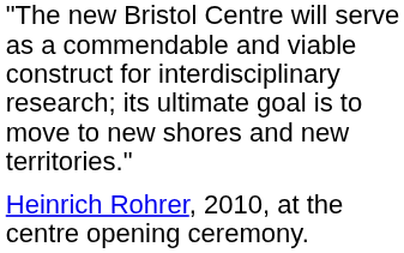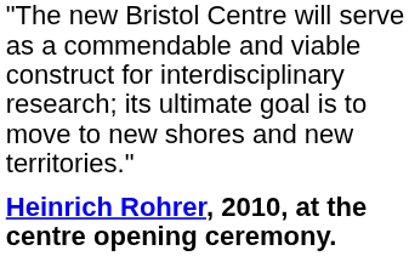 <table class="toccolours" style="float: right; margin-left: 1em; margin-right: 1em; font-size: 85%; background:#ffffoo; color:black; width:23em; max-width: 25%;" cellspacing="5">
 <tr>
 <td style="text-align: left;"><br>"The new Bristol Centre will serve as a commendable and viable construct for interdisciplinary research; its ultimate goal is to move to new shores and new territories."</td>
 </tr>
 <tr>
-<td style="text-align: left;"><a href='#'>Heinrich Rohrer</a>, 2010, at the centre opening ceremony.</td>
+<td style="text-align: left;"><strong><a href='#'>Heinrich Rohrer</a>, 2010, at the centre opening ceremony.</strong></td>
 </tr>
 </table>
